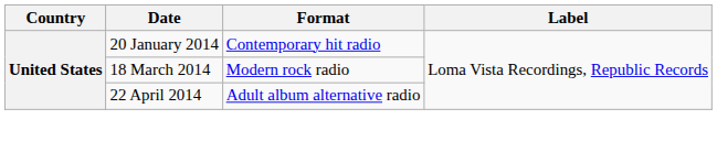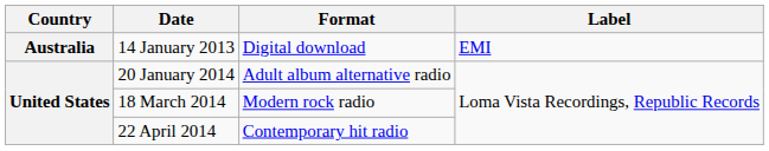 <table class="wikitable plainrowheaders">
 <tr>
 <th scope="col">Country</th>
 <th scope="col">Date</th>
 <th scope="col">Format</th>
 <th scope="col">Label</th>
 </tr>
 <tr>
+<th scope="row">Australia</th>
+<td>14 January 2013</td>
+<td><a href='#'>Digital download</a></td>
+<td><a href='#'>EMI</a></td>
+</tr>
+<tr>
 <th scope="row" rowspan="3">United States</th>
 <td>20 January 2014</td>
-<td><a href='#'>Contemporary hit radio</a></td>
+<td><a href='#'>Adult album alternative</a> radio</td>
 <td rowspan="3">Loma Vista Recordings, <a href='#'>Republic Records</a></td>
 </tr>
 <tr>
 <td>18 March 2014</td>
 <td><a href='#'>Modern rock</a> radio</td>
 </tr>
 <tr>
 <td>22 April 2014</td>
-<td><a href='#'>Adult album alternative</a> radio</td>
+<td><a href='#'>Contemporary hit radio</a></td>
 </tr>
 </table>
